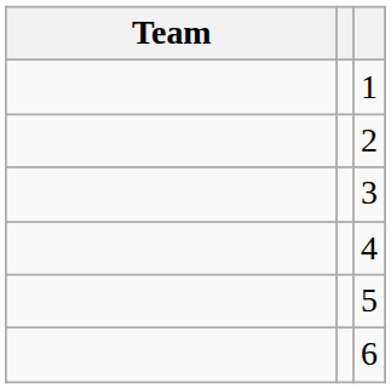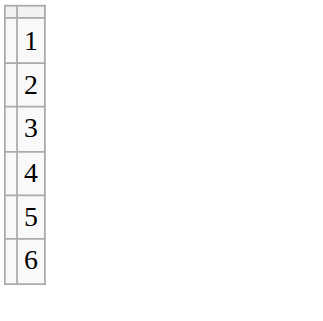 <table class="wikitable" style="white-space:nowrap; display:inline-table;">
 <tr>
-<th style="width:150px">Team</th>
 <th></th>
 <th></th>
 </tr>
 <tr>
 <td></td>
-<td></td>
 <td style="text-align:center">1</td>
 </tr>
 <tr>
-<td></td>
 <td></td>
 <td style="text-align:center">2</td>
 </tr>
 <tr>
 <td></td>
-<td></td>
 <td style="text-align:center">3</td>
 </tr>
 <tr>
-<td></td>
 <td></td>
 <td style="text-align:center">4</td>
 </tr>
 <tr>
 <td></td>
-<td></td>
 <td style="text-align:center">5</td>
 </tr>
 <tr>
 <td></td>
-<td></td>
 <td style="text-align:center">6</td>
 </tr>
 </table>
